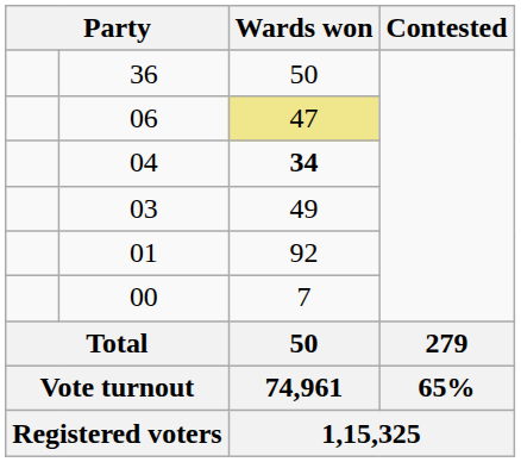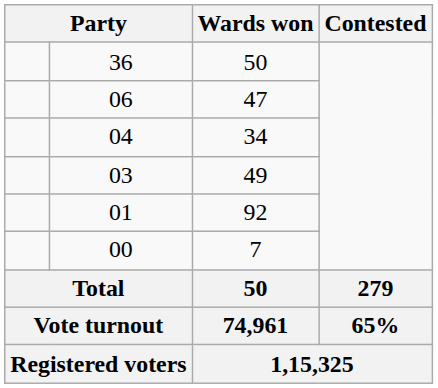 <table class="wikitable" style="text-align:center">
 <tr>
 <th colspan=2>Party</th>
 <th>Wards won</th>
 <th>Contested</th>
 </tr>
 <tr>
 <td></td>
 <td>36</td>
 <td>50</td>
 </tr>
 <tr>
 <td></td>
 <td>06</td>
-<td style="background: khaki;">47</td>
+<td>47</td>
 </tr>
 <tr>
 <td></td>
 <td>04</td>
-<td><strong>34</strong></td>
+<td>34</td>
 </tr>
 <tr>
 <td></td>
 <td>03</td>
 <td>49</td>
 </tr>
 <tr>
 <td></td>
 <td>01</td>
 <td>92</td>
 </tr>
 <tr>
 <td></td>
 <td>00</td>
 <td>7</td>
 </tr>
 <tr>
 <th colspan=2>Total</th>
 <th>50</th>
 <th>279</th>
 </tr>
 <tr>
 <th colspan=2>Vote turnout</th>
 <th>74,961</th>
 <th>65%</th>
 </tr>
 <tr>
 <th colspan=2>Registered voters</th>
 <th colspan=2>1,15,325</th>
 </tr>
 </table>
